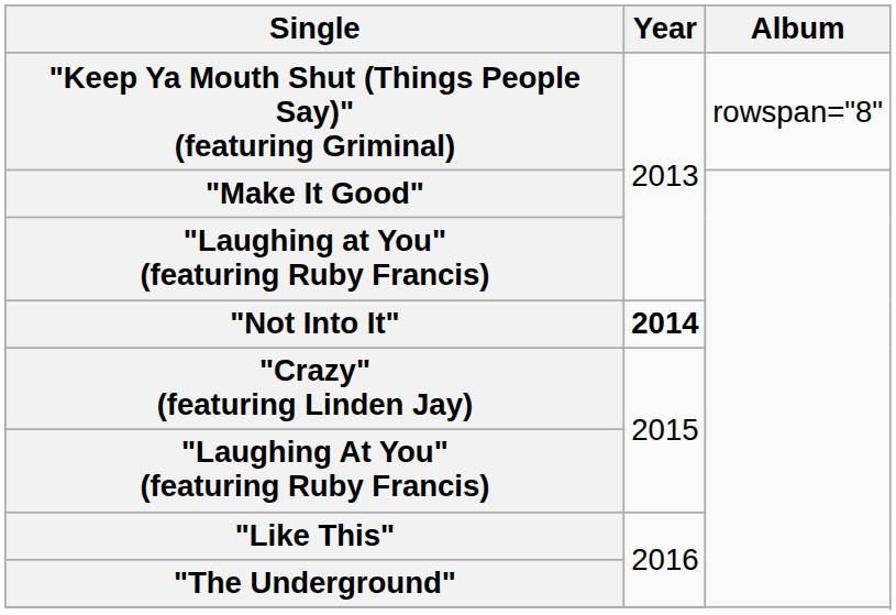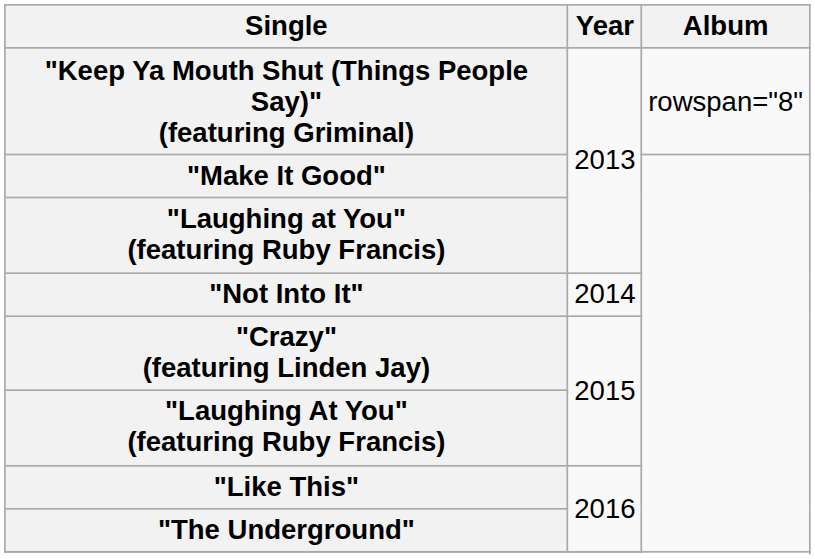 <table class="wikitable plainrowheaders" style="text-align:center;">
 <tr>
 <th scope="col" style="width:20em;">Single</th>
 <th scope="col" style="width:1em;">Year</th>
 <th scope="col">Album</th>
 </tr>
 <tr>
 <th scope="row">"Keep Ya Mouth Shut (Things People Say)"<br><span>(featuring Griminal)</span></th>
 <td rowspan="3">2013</td>
 <td>rowspan="8" </td>
 </tr>
 <tr>
 <th scope="row">"Make It Good"</th>
 </tr>
 <tr>
 <th scope="row">"Laughing at You"<br><span>(featuring Ruby Francis)</span></th>
 </tr>
 <tr>
 <th scope="row">"Not Into It"</th>
-<td><strong>2014</strong></td>
+<td>2014</td>
 </tr>
 <tr>
 <th scope="row">"Crazy"<br><span>(featuring Linden Jay)</span></th>
 <td rowspan="2">2015</td>
 </tr>
 <tr>
 <th scope="row">"Laughing At You"<br><span>(featuring Ruby Francis)</span></th>
 </tr>
 <tr>
 <th scope="row">"Like This"</th>
 <td rowspan="2">2016</td>
 </tr>
 <tr>
 <th scope="row">"The Underground"</th>
 </tr>
 <tr>
 </tr>
 </table>
